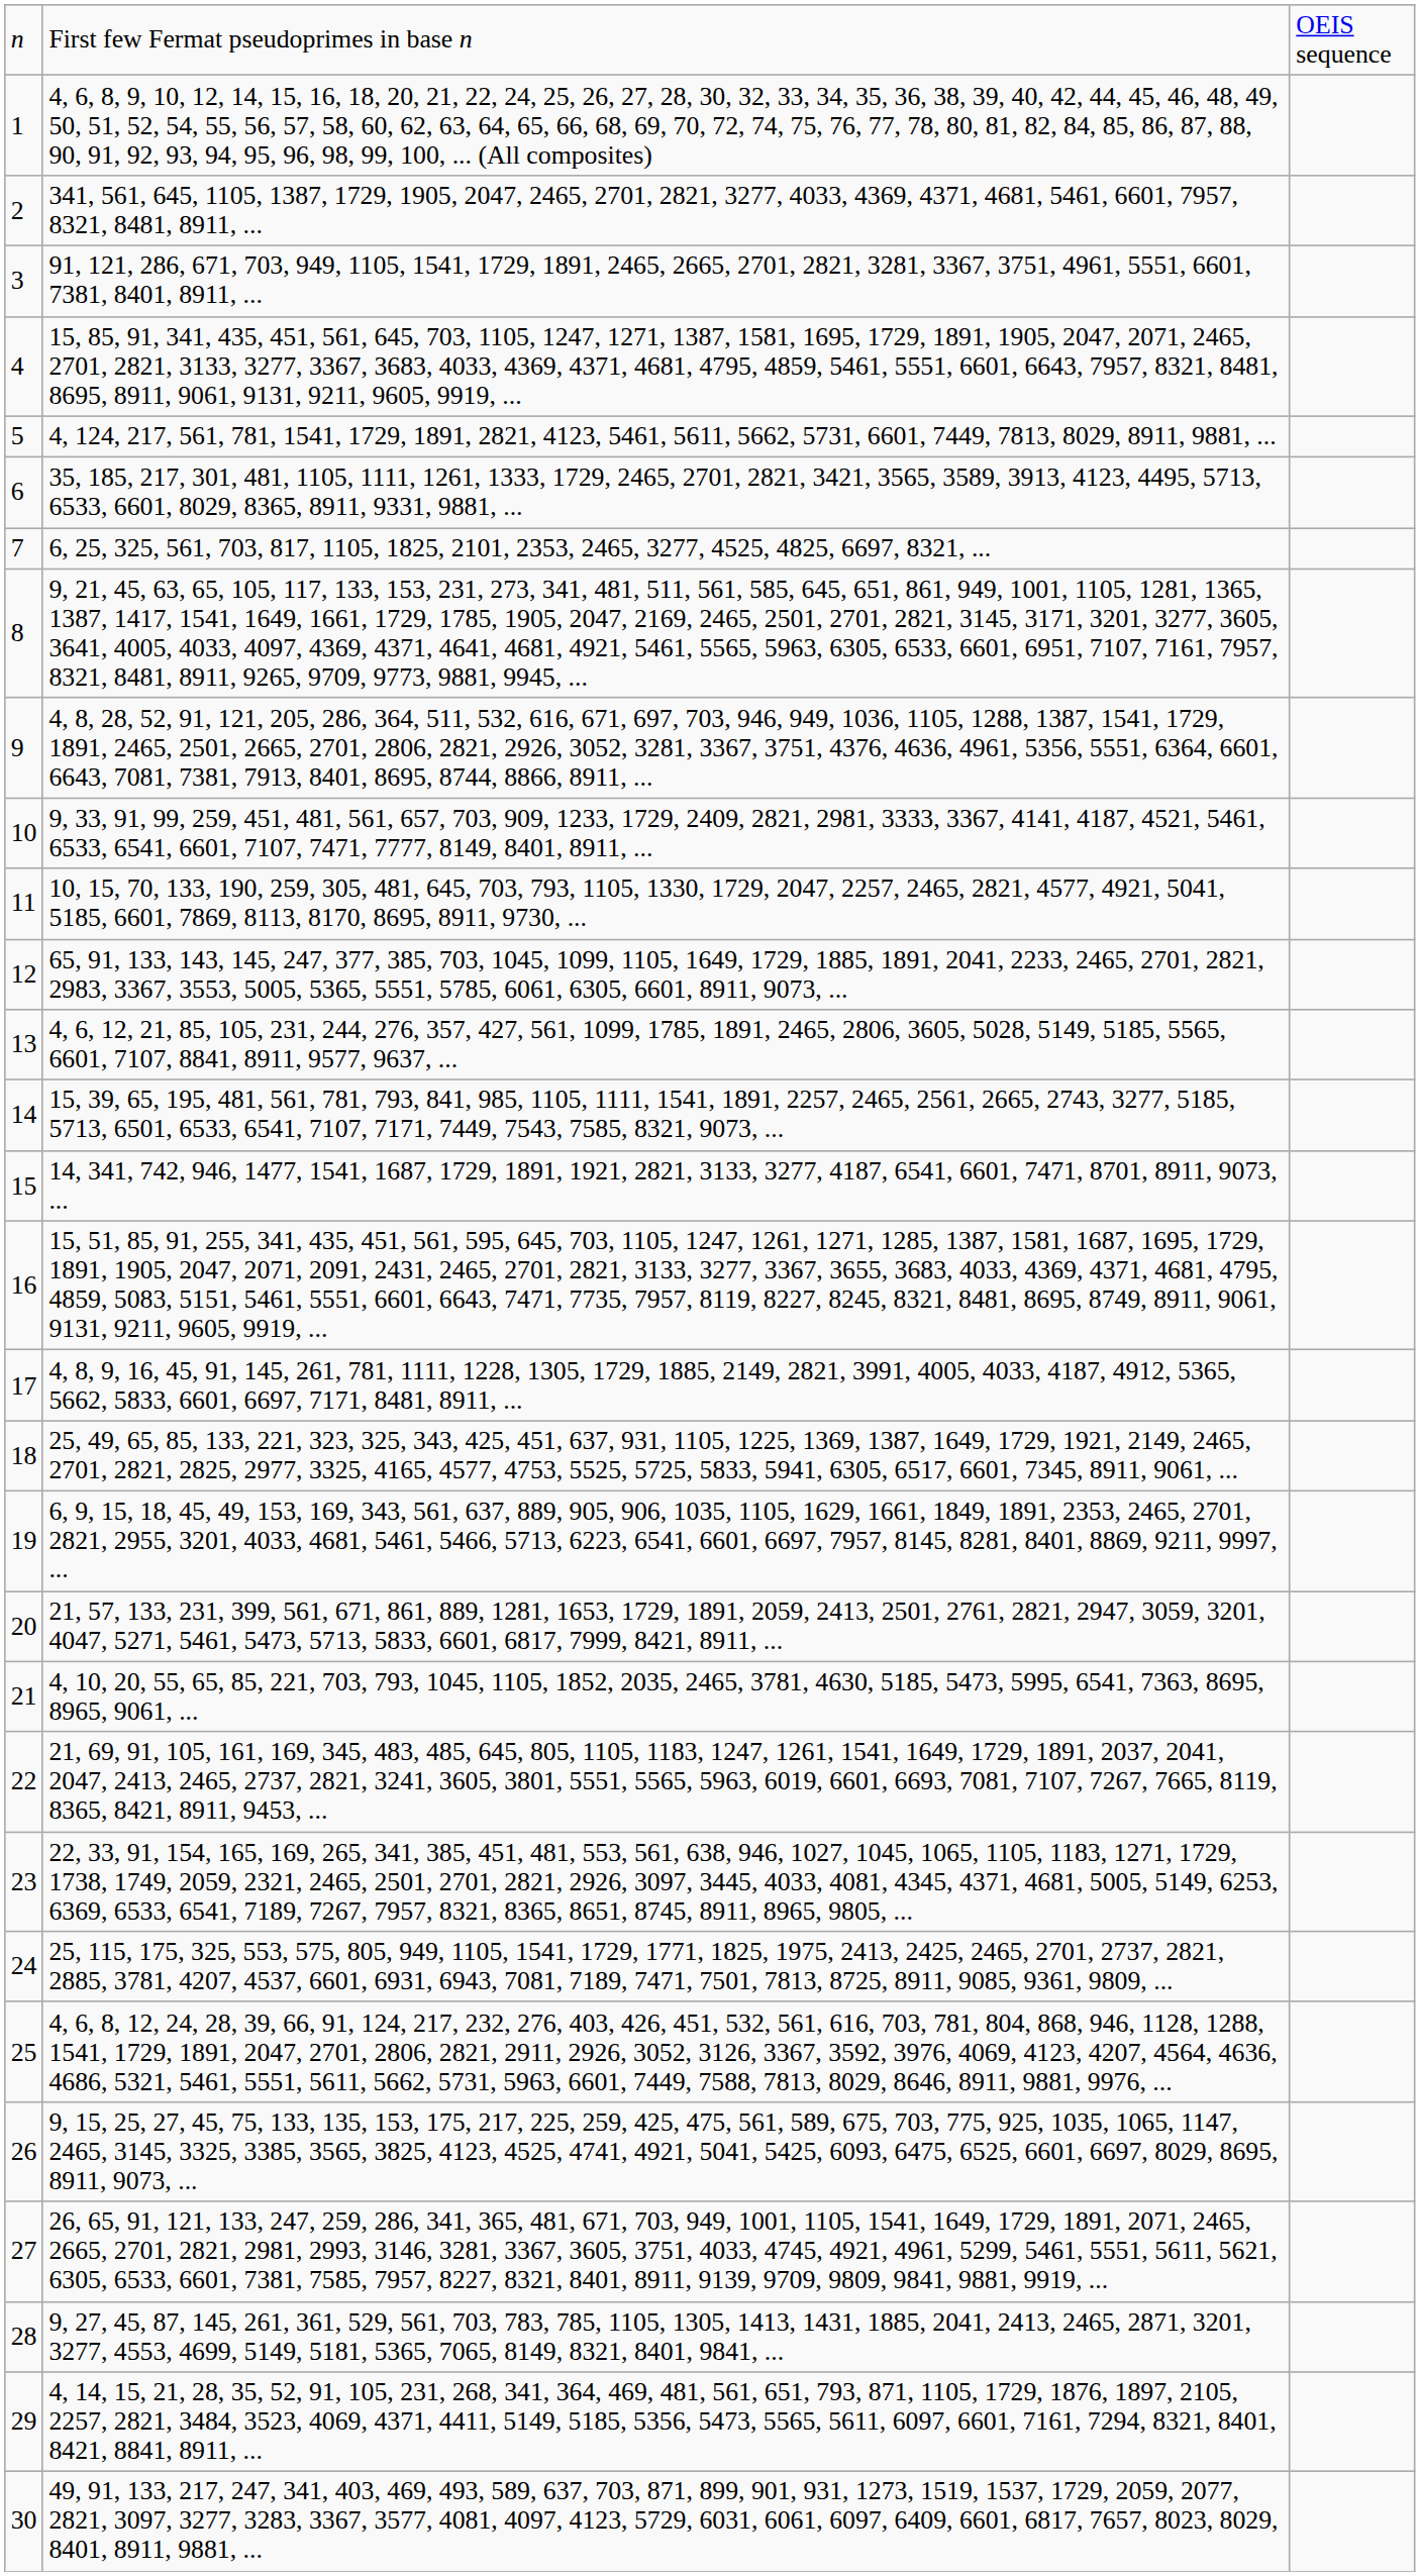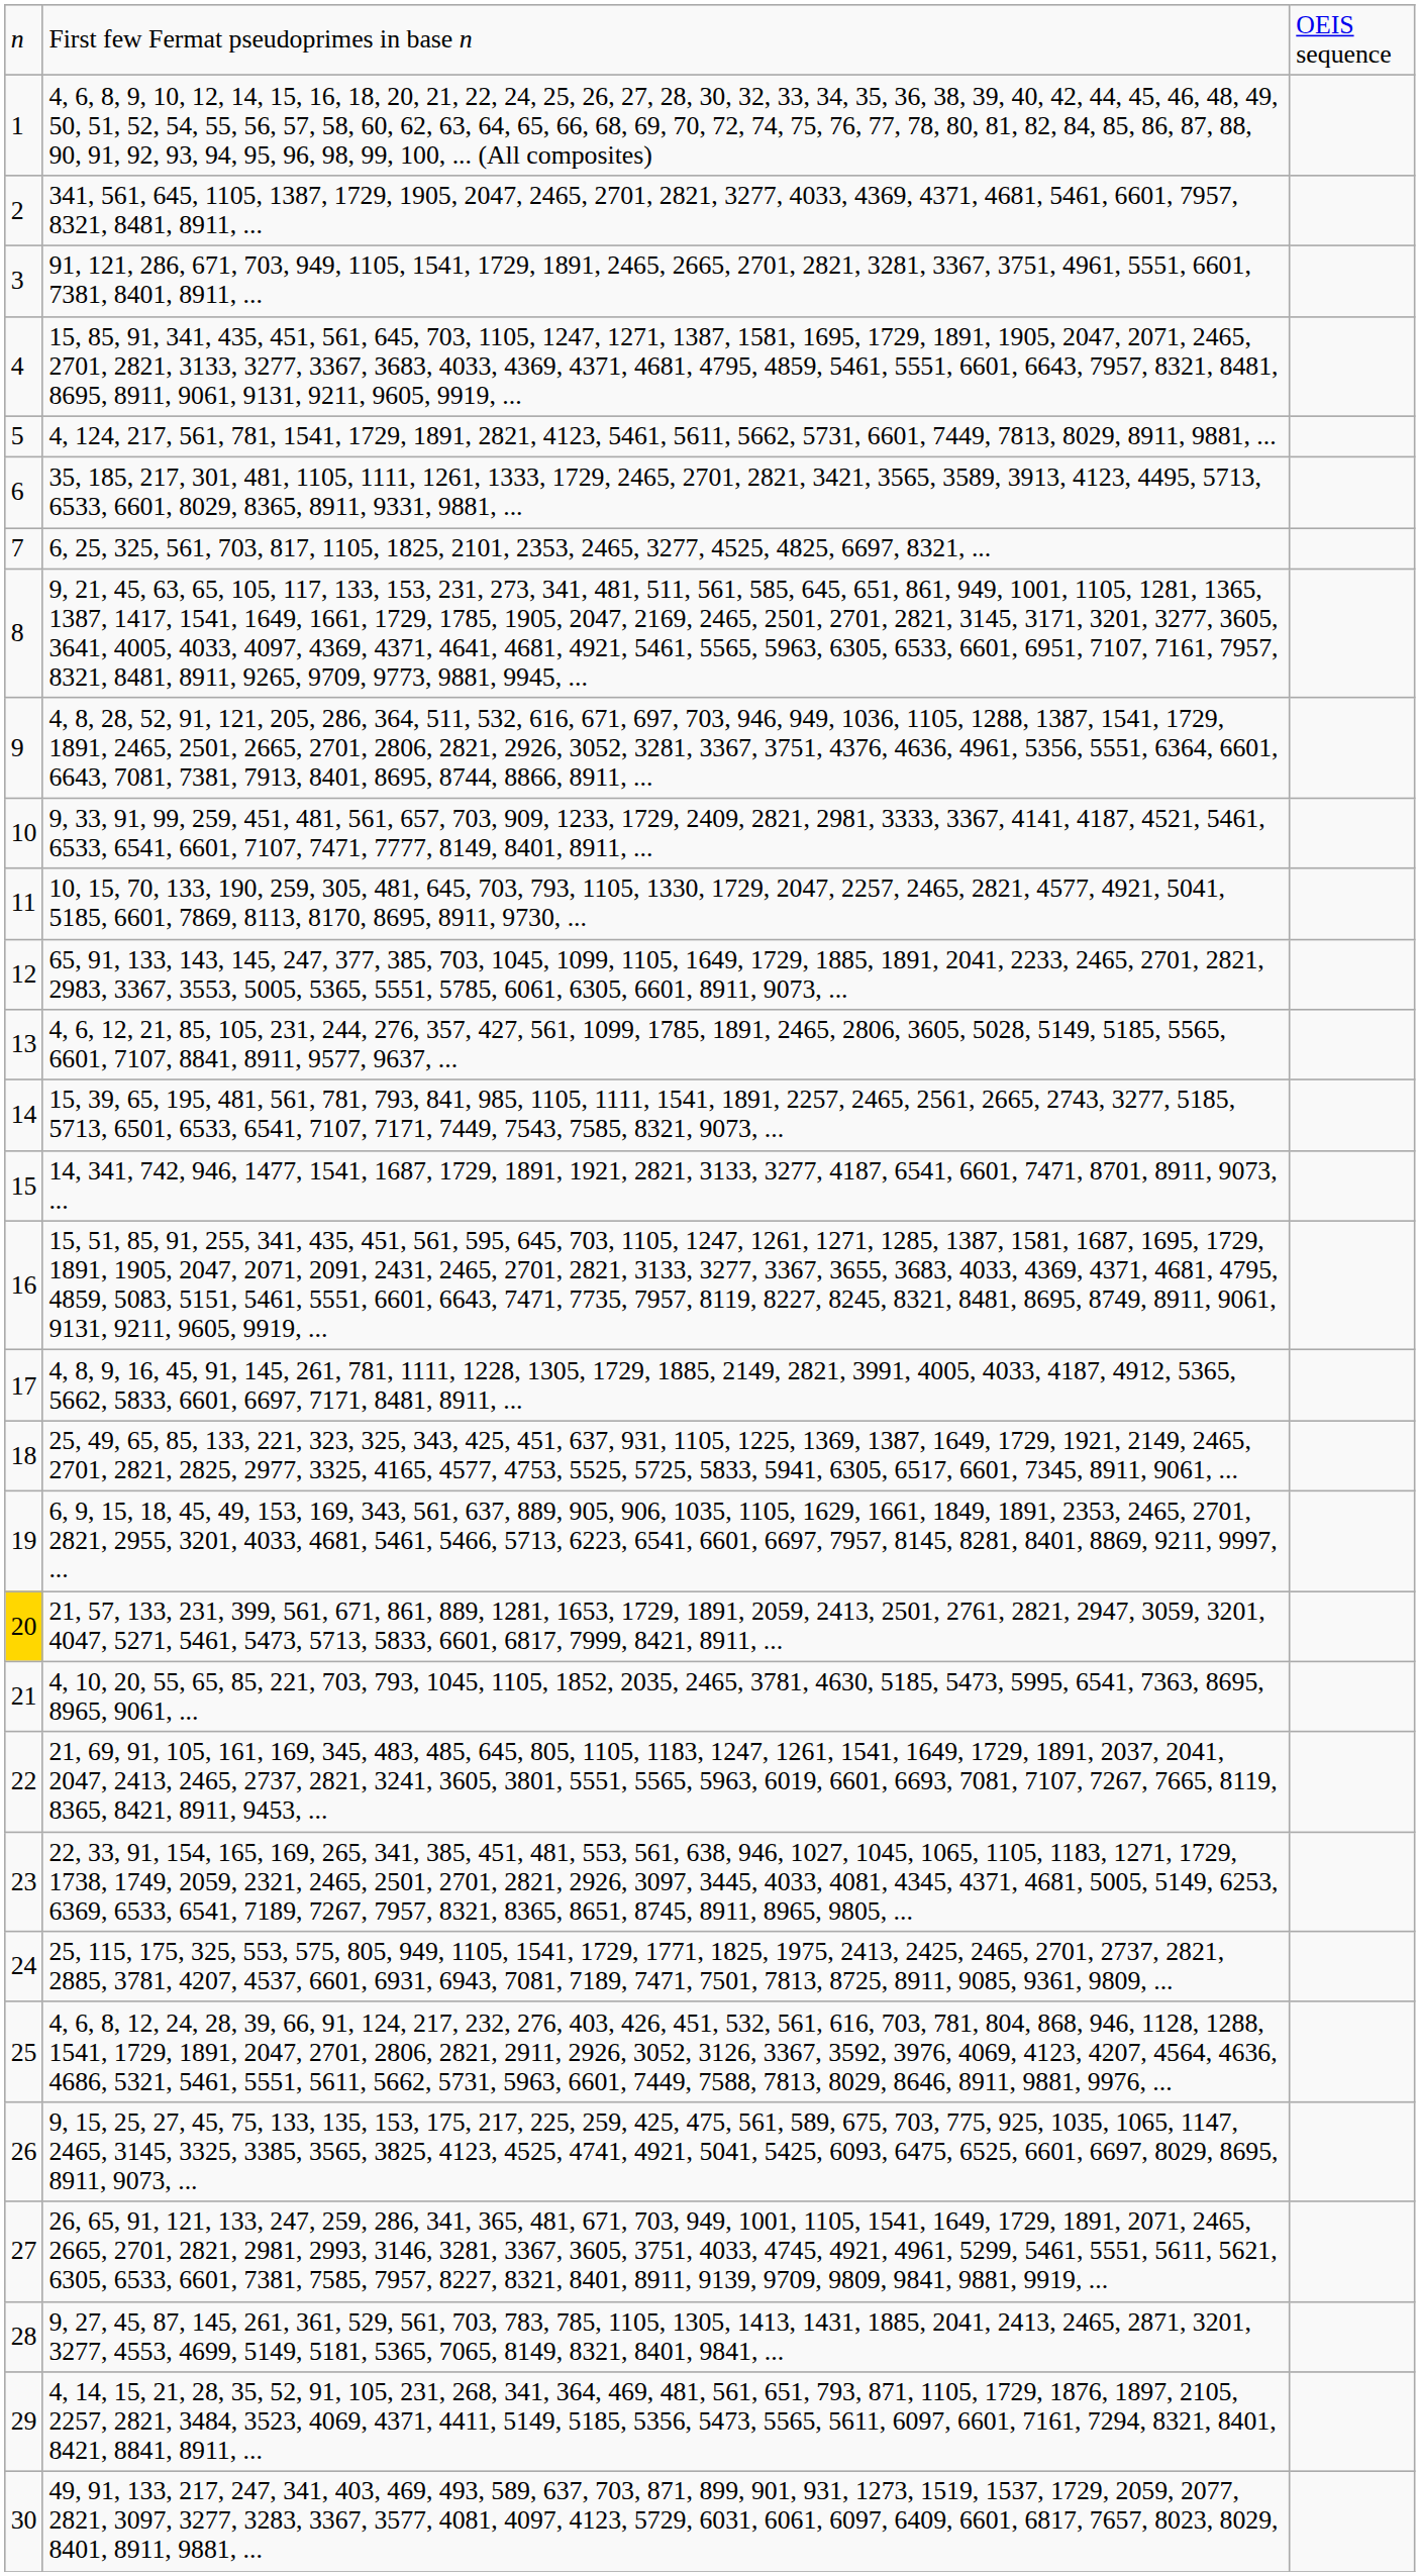 <table class="wikitable">
 <tr>
 <td><em>n</em></td>
 <td>First few Fermat pseudoprimes in base <em>n</em></td>
 <td><a href='#'>OEIS</a> sequence</td>
 </tr>
 <tr>
 <td>1</td>
 <td>4, 6, 8, 9, 10, 12, 14, 15, 16, 18, 20, 21, 22, 24, 25, 26, 27, 28, 30, 32, 33, 34, 35, 36, 38, 39, 40, 42, 44, 45, 46, 48, 49, 50, 51, 52, 54, 55, 56, 57, 58, 60, 62, 63, 64, 65, 66, 68, 69, 70, 72, 74, 75, 76, 77, 78, 80, 81, 82, 84, 85, 86, 87, 88, 90, 91, 92, 93, 94, 95, 96, 98, 99, 100, ... (All composites)</td>
 <td></td>
 </tr>
 <tr>
 <td>2</td>
 <td>341, 561, 645, 1105, 1387, 1729, 1905, 2047, 2465, 2701, 2821, 3277, 4033, 4369, 4371, 4681, 5461, 6601, 7957, 8321, 8481, 8911, ...</td>
 <td></td>
 </tr>
 <tr>
 <td>3</td>
 <td>91, 121, 286, 671, 703, 949, 1105, 1541, 1729, 1891, 2465, 2665, 2701, 2821, 3281, 3367, 3751, 4961, 5551, 6601, 7381, 8401, 8911, ...</td>
 <td></td>
 </tr>
 <tr>
 <td>4</td>
 <td>15, 85, 91, 341, 435, 451, 561, 645, 703, 1105, 1247, 1271, 1387, 1581, 1695, 1729, 1891, 1905, 2047, 2071, 2465, 2701, 2821, 3133, 3277, 3367, 3683, 4033, 4369, 4371, 4681, 4795, 4859, 5461, 5551, 6601, 6643, 7957, 8321, 8481, 8695, 8911, 9061, 9131, 9211, 9605, 9919, ...</td>
 <td></td>
 </tr>
 <tr>
 <td>5</td>
 <td>4, 124, 217, 561, 781, 1541, 1729, 1891, 2821, 4123, 5461, 5611, 5662, 5731, 6601, 7449, 7813, 8029, 8911, 9881, ...</td>
 <td></td>
 </tr>
 <tr>
 <td>6</td>
 <td>35, 185, 217, 301, 481, 1105, 1111, 1261, 1333, 1729, 2465, 2701, 2821, 3421, 3565, 3589, 3913, 4123, 4495, 5713, 6533, 6601, 8029, 8365, 8911, 9331, 9881, ...</td>
 <td></td>
 </tr>
 <tr>
 <td>7</td>
 <td>6, 25, 325, 561, 703, 817, 1105, 1825, 2101, 2353, 2465, 3277, 4525, 4825, 6697, 8321, ...</td>
 <td></td>
 </tr>
 <tr>
 <td>8</td>
 <td>9, 21, 45, 63, 65, 105, 117, 133, 153, 231, 273, 341, 481, 511, 561, 585, 645, 651, 861, 949, 1001, 1105, 1281, 1365, 1387, 1417, 1541, 1649, 1661, 1729, 1785, 1905, 2047, 2169, 2465, 2501, 2701, 2821, 3145, 3171, 3201, 3277, 3605, 3641, 4005, 4033, 4097, 4369, 4371, 4641, 4681, 4921, 5461, 5565, 5963, 6305, 6533, 6601, 6951, 7107, 7161, 7957, 8321, 8481, 8911, 9265, 9709, 9773, 9881, 9945, ...</td>
 <td></td>
 </tr>
 <tr>
 <td>9</td>
 <td>4, 8, 28, 52, 91, 121, 205, 286, 364, 511, 532, 616, 671, 697, 703, 946, 949, 1036, 1105, 1288, 1387, 1541, 1729, 1891, 2465, 2501, 2665, 2701, 2806, 2821, 2926, 3052, 3281, 3367, 3751, 4376, 4636, 4961, 5356, 5551, 6364, 6601, 6643, 7081, 7381, 7913, 8401, 8695, 8744, 8866, 8911, ...</td>
 <td></td>
 </tr>
 <tr>
 <td>10</td>
 <td>9, 33, 91, 99, 259, 451, 481, 561, 657, 703, 909, 1233, 1729, 2409, 2821, 2981, 3333, 3367, 4141, 4187, 4521, 5461, 6533, 6541, 6601, 7107, 7471, 7777, 8149, 8401, 8911, ...</td>
 <td></td>
 </tr>
 <tr>
 <td>11</td>
 <td>10, 15, 70, 133, 190, 259, 305, 481, 645, 703, 793, 1105, 1330, 1729, 2047, 2257, 2465, 2821, 4577, 4921, 5041, 5185, 6601, 7869, 8113, 8170, 8695, 8911, 9730, ...</td>
 <td></td>
 </tr>
 <tr>
 <td>12</td>
 <td>65, 91, 133, 143, 145, 247, 377, 385, 703, 1045, 1099, 1105, 1649, 1729, 1885, 1891, 2041, 2233, 2465, 2701, 2821, 2983, 3367, 3553, 5005, 5365, 5551, 5785, 6061, 6305, 6601, 8911, 9073, ...</td>
 <td></td>
 </tr>
 <tr>
 <td>13</td>
 <td>4, 6, 12, 21, 85, 105, 231, 244, 276, 357, 427, 561, 1099, 1785, 1891, 2465, 2806, 3605, 5028, 5149, 5185, 5565, 6601, 7107, 8841, 8911, 9577, 9637, ...</td>
 <td></td>
 </tr>
 <tr>
 <td>14</td>
 <td>15, 39, 65, 195, 481, 561, 781, 793, 841, 985, 1105, 1111, 1541, 1891, 2257, 2465, 2561, 2665, 2743, 3277, 5185, 5713, 6501, 6533, 6541, 7107, 7171, 7449, 7543, 7585, 8321, 9073, ...</td>
 <td></td>
 </tr>
 <tr>
 <td>15</td>
 <td>14, 341, 742, 946, 1477, 1541, 1687, 1729, 1891, 1921, 2821, 3133, 3277, 4187, 6541, 6601, 7471, 8701, 8911, 9073, ...</td>
 <td></td>
 </tr>
 <tr>
 <td>16</td>
 <td>15, 51, 85, 91, 255, 341, 435, 451, 561, 595, 645, 703, 1105, 1247, 1261, 1271, 1285, 1387, 1581, 1687, 1695, 1729, 1891, 1905, 2047, 2071, 2091, 2431, 2465, 2701, 2821, 3133, 3277, 3367, 3655, 3683, 4033, 4369, 4371, 4681, 4795, 4859, 5083, 5151, 5461, 5551, 6601, 6643, 7471, 7735, 7957, 8119, 8227, 8245, 8321, 8481, 8695, 8749, 8911, 9061, 9131, 9211, 9605, 9919, ...</td>
 <td></td>
 </tr>
 <tr>
 <td>17</td>
 <td>4, 8, 9, 16, 45, 91, 145, 261, 781, 1111, 1228, 1305, 1729, 1885, 2149, 2821, 3991, 4005, 4033, 4187, 4912, 5365, 5662, 5833, 6601, 6697, 7171, 8481, 8911, ...</td>
 <td></td>
 </tr>
 <tr>
 <td>18</td>
 <td>25, 49, 65, 85, 133, 221, 323, 325, 343, 425, 451, 637, 931, 1105, 1225, 1369, 1387, 1649, 1729, 1921, 2149, 2465, 2701, 2821, 2825, 2977, 3325, 4165, 4577, 4753, 5525, 5725, 5833, 5941, 6305, 6517, 6601, 7345, 8911, 9061, ...</td>
 <td></td>
 </tr>
 <tr>
 <td>19</td>
 <td>6, 9, 15, 18, 45, 49, 153, 169, 343, 561, 637, 889, 905, 906, 1035, 1105, 1629, 1661, 1849, 1891, 2353, 2465, 2701, 2821, 2955, 3201, 4033, 4681, 5461, 5466, 5713, 6223, 6541, 6601, 6697, 7957, 8145, 8281, 8401, 8869, 9211, 9997, ...</td>
 <td></td>
 </tr>
 <tr>
-<td>20</td>
+<td style="background: gold;">20</td>
 <td>21, 57, 133, 231, 399, 561, 671, 861, 889, 1281, 1653, 1729, 1891, 2059, 2413, 2501, 2761, 2821, 2947, 3059, 3201, 4047, 5271, 5461, 5473, 5713, 5833, 6601, 6817, 7999, 8421, 8911, ...</td>
 <td></td>
 </tr>
 <tr>
 <td>21</td>
 <td>4, 10, 20, 55, 65, 85, 221, 703, 793, 1045, 1105, 1852, 2035, 2465, 3781, 4630, 5185, 5473, 5995, 6541, 7363, 8695, 8965, 9061, ...</td>
 <td></td>
 </tr>
 <tr>
 <td>22</td>
 <td>21, 69, 91, 105, 161, 169, 345, 483, 485, 645, 805, 1105, 1183, 1247, 1261, 1541, 1649, 1729, 1891, 2037, 2041, 2047, 2413, 2465, 2737, 2821, 3241, 3605, 3801, 5551, 5565, 5963, 6019, 6601, 6693, 7081, 7107, 7267, 7665, 8119, 8365, 8421, 8911, 9453, ...</td>
 <td></td>
 </tr>
 <tr>
 <td>23</td>
 <td>22, 33, 91, 154, 165, 169, 265, 341, 385, 451, 481, 553, 561, 638, 946, 1027, 1045, 1065, 1105, 1183, 1271, 1729, 1738, 1749, 2059, 2321, 2465, 2501, 2701, 2821, 2926, 3097, 3445, 4033, 4081, 4345, 4371, 4681, 5005, 5149, 6253, 6369, 6533, 6541, 7189, 7267, 7957, 8321, 8365, 8651, 8745, 8911, 8965, 9805, ...</td>
 <td></td>
 </tr>
 <tr>
 <td>24</td>
 <td>25, 115, 175, 325, 553, 575, 805, 949, 1105, 1541, 1729, 1771, 1825, 1975, 2413, 2425, 2465, 2701, 2737, 2821, 2885, 3781, 4207, 4537, 6601, 6931, 6943, 7081, 7189, 7471, 7501, 7813, 8725, 8911, 9085, 9361, 9809, ...</td>
 <td></td>
 </tr>
 <tr>
 <td>25</td>
 <td>4, 6, 8, 12, 24, 28, 39, 66, 91, 124, 217, 232, 276, 403, 426, 451, 532, 561, 616, 703, 781, 804, 868, 946, 1128, 1288, 1541, 1729, 1891, 2047, 2701, 2806, 2821, 2911, 2926, 3052, 3126, 3367, 3592, 3976, 4069, 4123, 4207, 4564, 4636, 4686, 5321, 5461, 5551, 5611, 5662, 5731, 5963, 6601, 7449, 7588, 7813, 8029, 8646, 8911, 9881, 9976, ...</td>
 <td></td>
 </tr>
 <tr>
 <td>26</td>
 <td>9, 15, 25, 27, 45, 75, 133, 135, 153, 175, 217, 225, 259, 425, 475, 561, 589, 675, 703, 775, 925, 1035, 1065, 1147, 2465, 3145, 3325, 3385, 3565, 3825, 4123, 4525, 4741, 4921, 5041, 5425, 6093, 6475, 6525, 6601, 6697, 8029, 8695, 8911, 9073, ...</td>
 <td></td>
 </tr>
 <tr>
 <td>27</td>
 <td>26, 65, 91, 121, 133, 247, 259, 286, 341, 365, 481, 671, 703, 949, 1001, 1105, 1541, 1649, 1729, 1891, 2071, 2465, 2665, 2701, 2821, 2981, 2993, 3146, 3281, 3367, 3605, 3751, 4033, 4745, 4921, 4961, 5299, 5461, 5551, 5611, 5621, 6305, 6533, 6601, 7381, 7585, 7957, 8227, 8321, 8401, 8911, 9139, 9709, 9809, 9841, 9881, 9919, ...</td>
 <td></td>
 </tr>
 <tr>
 <td>28</td>
 <td>9, 27, 45, 87, 145, 261, 361, 529, 561, 703, 783, 785, 1105, 1305, 1413, 1431, 1885, 2041, 2413, 2465, 2871, 3201, 3277, 4553, 4699, 5149, 5181, 5365, 7065, 8149, 8321, 8401, 9841, ...</td>
 <td></td>
 </tr>
 <tr>
 <td>29</td>
 <td>4, 14, 15, 21, 28, 35, 52, 91, 105, 231, 268, 341, 364, 469, 481, 561, 651, 793, 871, 1105, 1729, 1876, 1897, 2105, 2257, 2821, 3484, 3523, 4069, 4371, 4411, 5149, 5185, 5356, 5473, 5565, 5611, 6097, 6601, 7161, 7294, 8321, 8401, 8421, 8841, 8911, ...</td>
 <td></td>
 </tr>
 <tr>
 <td>30</td>
 <td>49, 91, 133, 217, 247, 341, 403, 469, 493, 589, 637, 703, 871, 899, 901, 931, 1273, 1519, 1537, 1729, 2059, 2077, 2821, 3097, 3277, 3283, 3367, 3577, 4081, 4097, 4123, 5729, 6031, 6061, 6097, 6409, 6601, 6817, 7657, 8023, 8029, 8401, 8911, 9881, ...</td>
 <td></td>
 </tr>
 </table>
